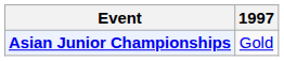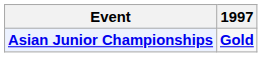 <table class="wikitable" style="font-size: 90%; text-align:center">
 <tr>
 <th>Event</th>
 <th>1997</th>
 </tr>
 <tr>
 <td bgcolor="#ECF2FF"; align="left"><strong><a href='#'>Asian Junior Championships</a></strong></td>
-<td> <a href='#'>Gold</a></td>
+<td><strong> <a href='#'>Gold</a></strong></td>
 </tr>
 </table>
